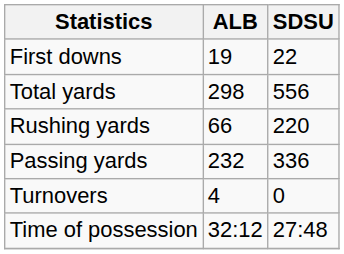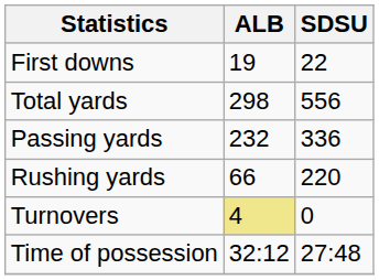 <table class="wikitable">
 <tr>
 <th>Statistics</th>
 <th>ALB</th>
 <th>SDSU</th>
 </tr>
 <tr>
 <td>First downs</td>
 <td>19</td>
 <td>22</td>
 </tr>
 <tr>
 <td>Total yards</td>
 <td>298</td>
 <td>556</td>
 </tr>
 <tr>
+<td>Passing yards</td>
+<td>232</td>
+<td>336</td>
+</tr>
+<tr>
 <td>Rushing yards</td>
 <td>66</td>
 <td>220</td>
 </tr>
 <tr>
-<td>Passing yards</td>
-<td>232</td>
-<td>336</td>
-</tr>
-<tr>
 <td>Turnovers</td>
-<td>4</td>
+<td style="background: khaki;">4</td>
 <td>0</td>
 </tr>
 <tr>
 <td>Time of possession</td>
 <td>32:12</td>
 <td>27:48</td>
 </tr>
 <tr>
 </tr>
 </table>
